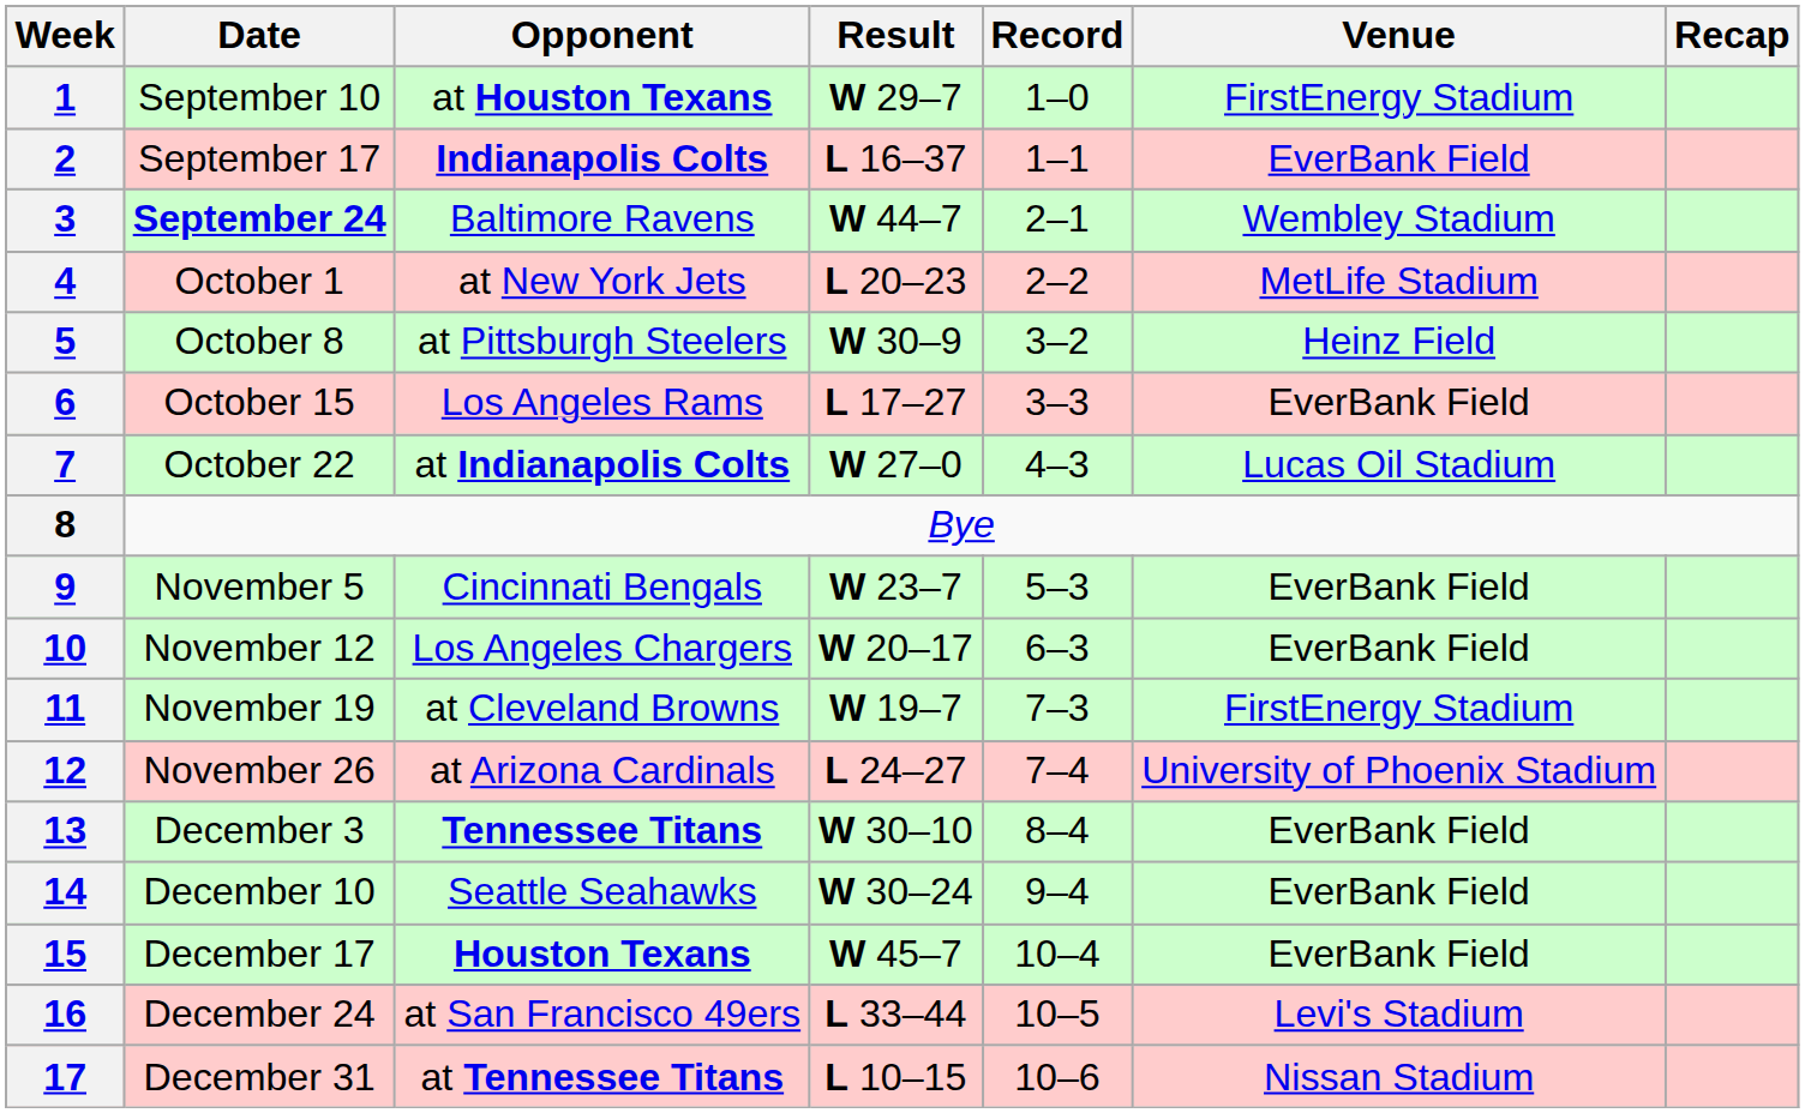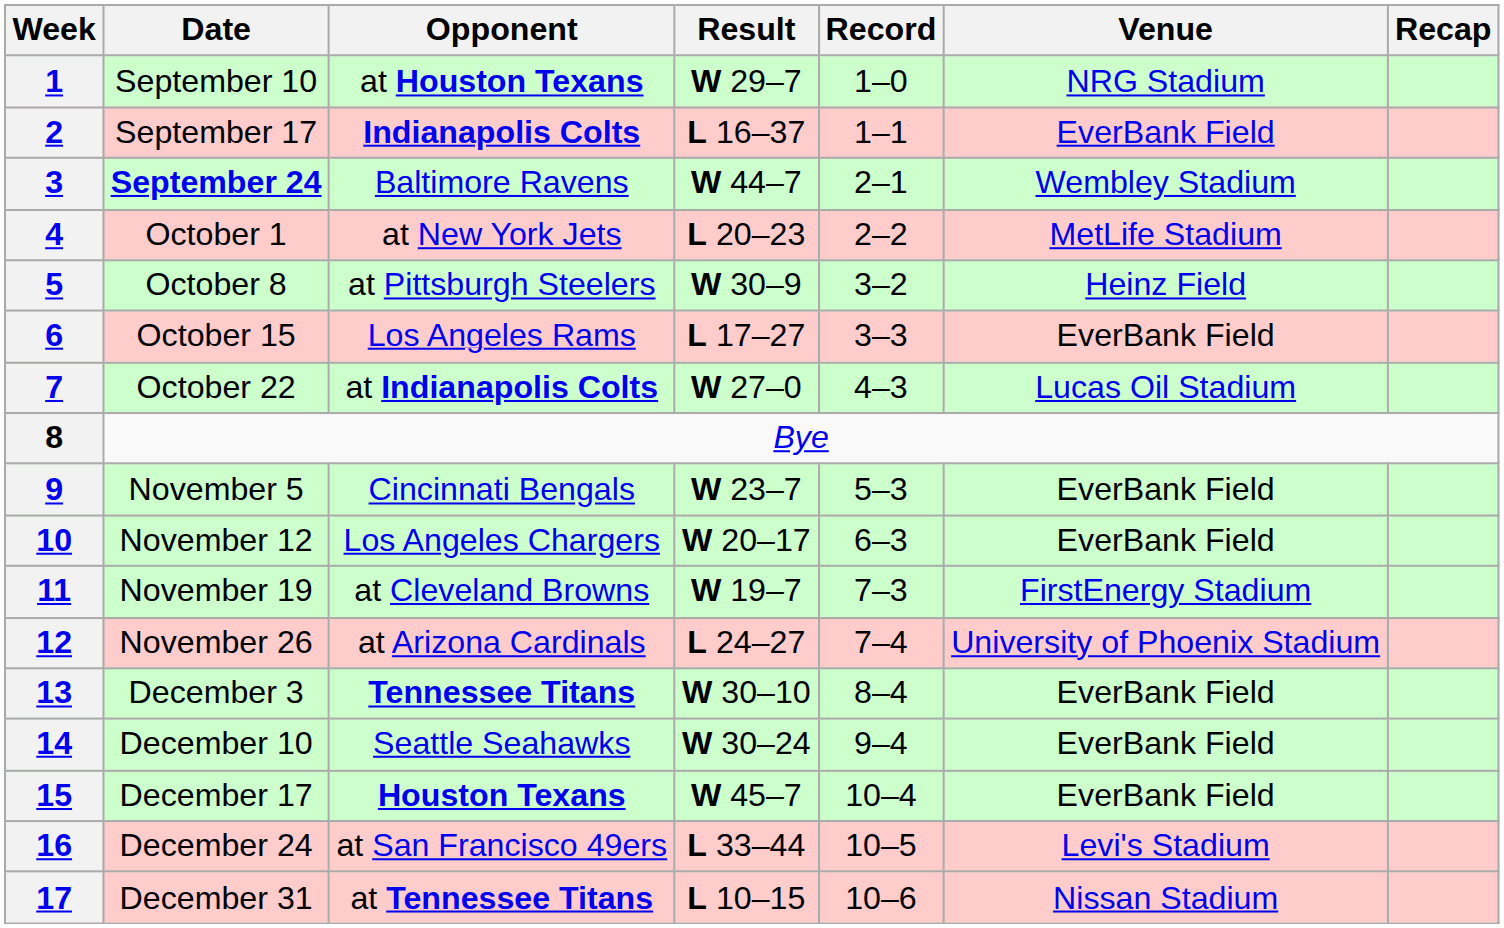 <table class="wikitable" style="text-align:center">
 <tr>
 <th>Week</th>
 <th>Date</th>
 <th>Opponent</th>
 <th>Result</th>
 <th>Record</th>
 <th>Venue</th>
 <th>Recap</th>
 </tr>
 <tr style="background:#cfc">
 <th><a href='#'>1</a></th>
 <td>September 10</td>
 <td>at <strong><a href='#'>Houston Texans</a></strong></td>
 <td><strong>W</strong> 29–7</td>
 <td>1–0</td>
-<td><a href='#'>FirstEnergy Stadium</a></td>
+<td><a href='#'>NRG Stadium</a></td>
 <td></td>
 </tr>
 <tr style="background:#fcc">
 <th><a href='#'>2</a></th>
 <td>September 17</td>
 <td><strong><a href='#'>Indianapolis Colts</a></strong></td>
 <td><strong>L</strong> 16–37</td>
 <td>1–1</td>
 <td><a href='#'>EverBank Field</a></td>
 <td></td>
 </tr>
 <tr style="background:#cfc">
 <th><a href='#'>3</a></th>
 <td><strong><a href='#'>September 24</a></strong></td>
 <td><a href='#'>Baltimore Ravens</a></td>
 <td><strong>W</strong> 44–7</td>
 <td>2–1</td>
 <td> <a href='#'>Wembley Stadium</a> </td>
 <td></td>
 </tr>
 <tr style="background:#fcc">
 <th><a href='#'>4</a></th>
 <td>October 1</td>
 <td>at <a href='#'>New York Jets</a></td>
 <td><strong>L</strong> 20–23 </td>
 <td>2–2</td>
 <td><a href='#'>MetLife Stadium</a></td>
 <td></td>
 </tr>
 <tr style="background:#cfc">
 <th><a href='#'>5</a></th>
 <td>October 8</td>
 <td>at <a href='#'>Pittsburgh Steelers</a></td>
 <td><strong>W</strong> 30–9</td>
 <td>3–2</td>
 <td><a href='#'>Heinz Field</a></td>
 <td></td>
 </tr>
 <tr style="background:#fcc">
 <th><a href='#'>6</a></th>
 <td>October 15</td>
 <td><a href='#'>Los Angeles Rams</a></td>
 <td><strong>L</strong> 17–27</td>
 <td>3–3</td>
 <td>EverBank Field</td>
 <td></td>
 </tr>
 <tr style="background:#cfc">
 <th><a href='#'>7</a></th>
 <td>October 22</td>
 <td>at <strong><a href='#'>Indianapolis Colts</a></strong></td>
 <td><strong>W</strong> 27–0</td>
 <td>4–3</td>
 <td><a href='#'>Lucas Oil Stadium</a></td>
 <td></td>
 </tr>
 <tr>
 <th>8</th>
 <td colspan=6><em><a href='#'>Bye</a></em></td>
 </tr>
 <tr style="background:#cfc">
 <th><a href='#'>9</a></th>
 <td>November 5</td>
 <td><a href='#'>Cincinnati Bengals</a></td>
 <td><strong>W</strong> 23–7</td>
 <td>5–3</td>
 <td>EverBank Field</td>
 <td></td>
 </tr>
 <tr style="background:#cfc">
 <th><a href='#'>10</a></th>
 <td>November 12</td>
 <td><a href='#'>Los Angeles Chargers</a></td>
 <td><strong>W</strong> 20–17 </td>
 <td>6–3</td>
 <td>EverBank Field</td>
 <td></td>
 </tr>
 <tr style="background:#cfc">
 <th><a href='#'>11</a></th>
 <td>November 19</td>
 <td>at <a href='#'>Cleveland Browns</a></td>
 <td><strong>W</strong> 19–7</td>
 <td>7–3</td>
 <td><a href='#'>FirstEnergy Stadium</a></td>
 <td></td>
 </tr>
 <tr style="background:#fcc">
 <th><a href='#'>12</a></th>
 <td>November 26</td>
 <td>at <a href='#'>Arizona Cardinals</a></td>
 <td><strong>L</strong> 24–27</td>
 <td>7–4</td>
 <td><a href='#'>University of Phoenix Stadium</a></td>
 <td></td>
 </tr>
 <tr style="background:#cfc">
 <th><a href='#'>13</a></th>
 <td>December 3</td>
 <td><strong><a href='#'>Tennessee Titans</a></strong></td>
 <td><strong>W</strong> 30–10</td>
 <td>8–4</td>
 <td>EverBank Field</td>
 <td></td>
 </tr>
 <tr style="background:#cfc">
 <th><a href='#'>14</a></th>
 <td>December 10</td>
 <td><a href='#'>Seattle Seahawks</a></td>
 <td><strong>W</strong> 30–24</td>
 <td>9–4</td>
 <td>EverBank Field</td>
 <td></td>
 </tr>
 <tr style="background:#cfc">
 <th><a href='#'>15</a></th>
 <td>December 17</td>
 <td><strong><a href='#'>Houston Texans</a></strong></td>
 <td><strong>W</strong> 45–7</td>
 <td>10–4</td>
 <td>EverBank Field</td>
 <td></td>
 </tr>
 <tr style="background:#fcc">
 <th><a href='#'>16</a></th>
 <td>December 24</td>
 <td>at <a href='#'>San Francisco 49ers</a></td>
 <td><strong>L</strong> 33–44</td>
 <td>10–5</td>
 <td><a href='#'>Levi's Stadium</a></td>
 <td></td>
 </tr>
 <tr style="background:#fcc">
 <th><a href='#'>17</a></th>
 <td>December 31</td>
 <td>at <strong><a href='#'>Tennessee Titans</a></strong></td>
 <td><strong>L</strong> 10–15</td>
 <td>10–6</td>
 <td><a href='#'>Nissan Stadium</a></td>
 <td></td>
 </tr>
 </table>
